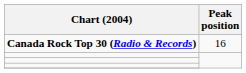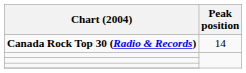 <table class="wikitable sortable">
 <tr>
 <th>Chart (2004)</th>
 <th>Peak<br>position</th>
 </tr>
 <tr>
 <td><strong>Canada Rock Top 30 (<em><a href='#'>Radio & Records</a></em>)</strong></td>
-<td align="center">16</td>
+<td align="center">14</td>
 </tr>
 <tr>
 <td></td>
 </tr>
 <tr>
 <td></td>
 </tr>
 <tr>
 <td></td>
 </tr>
 <tr>
 </tr>
 </table>
